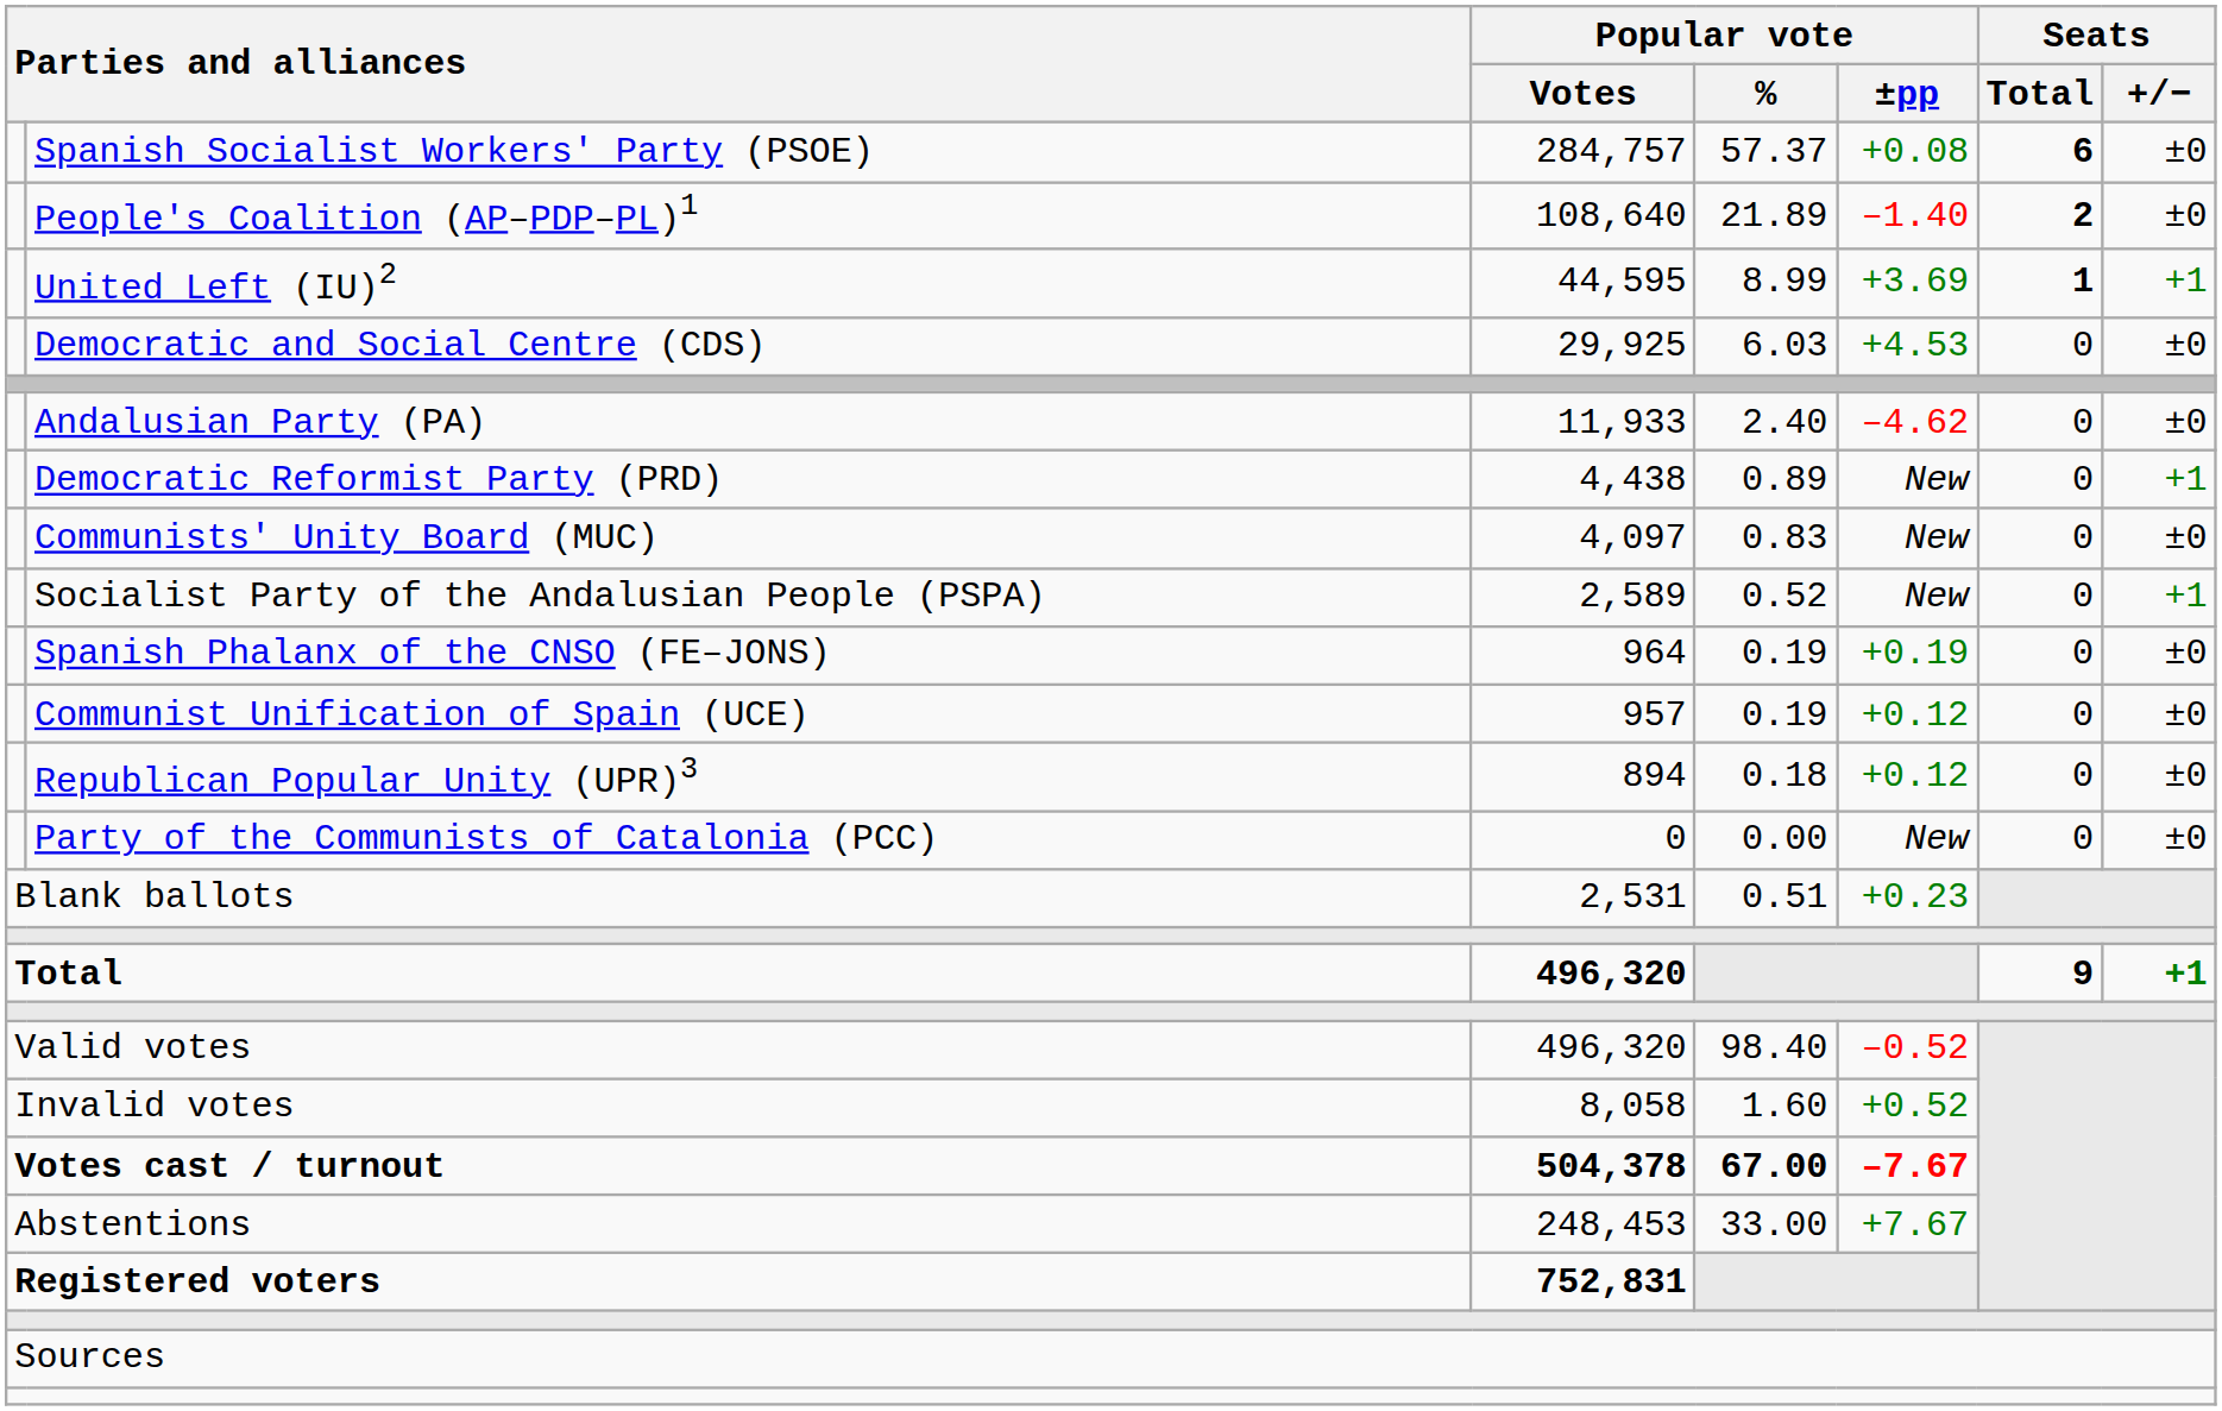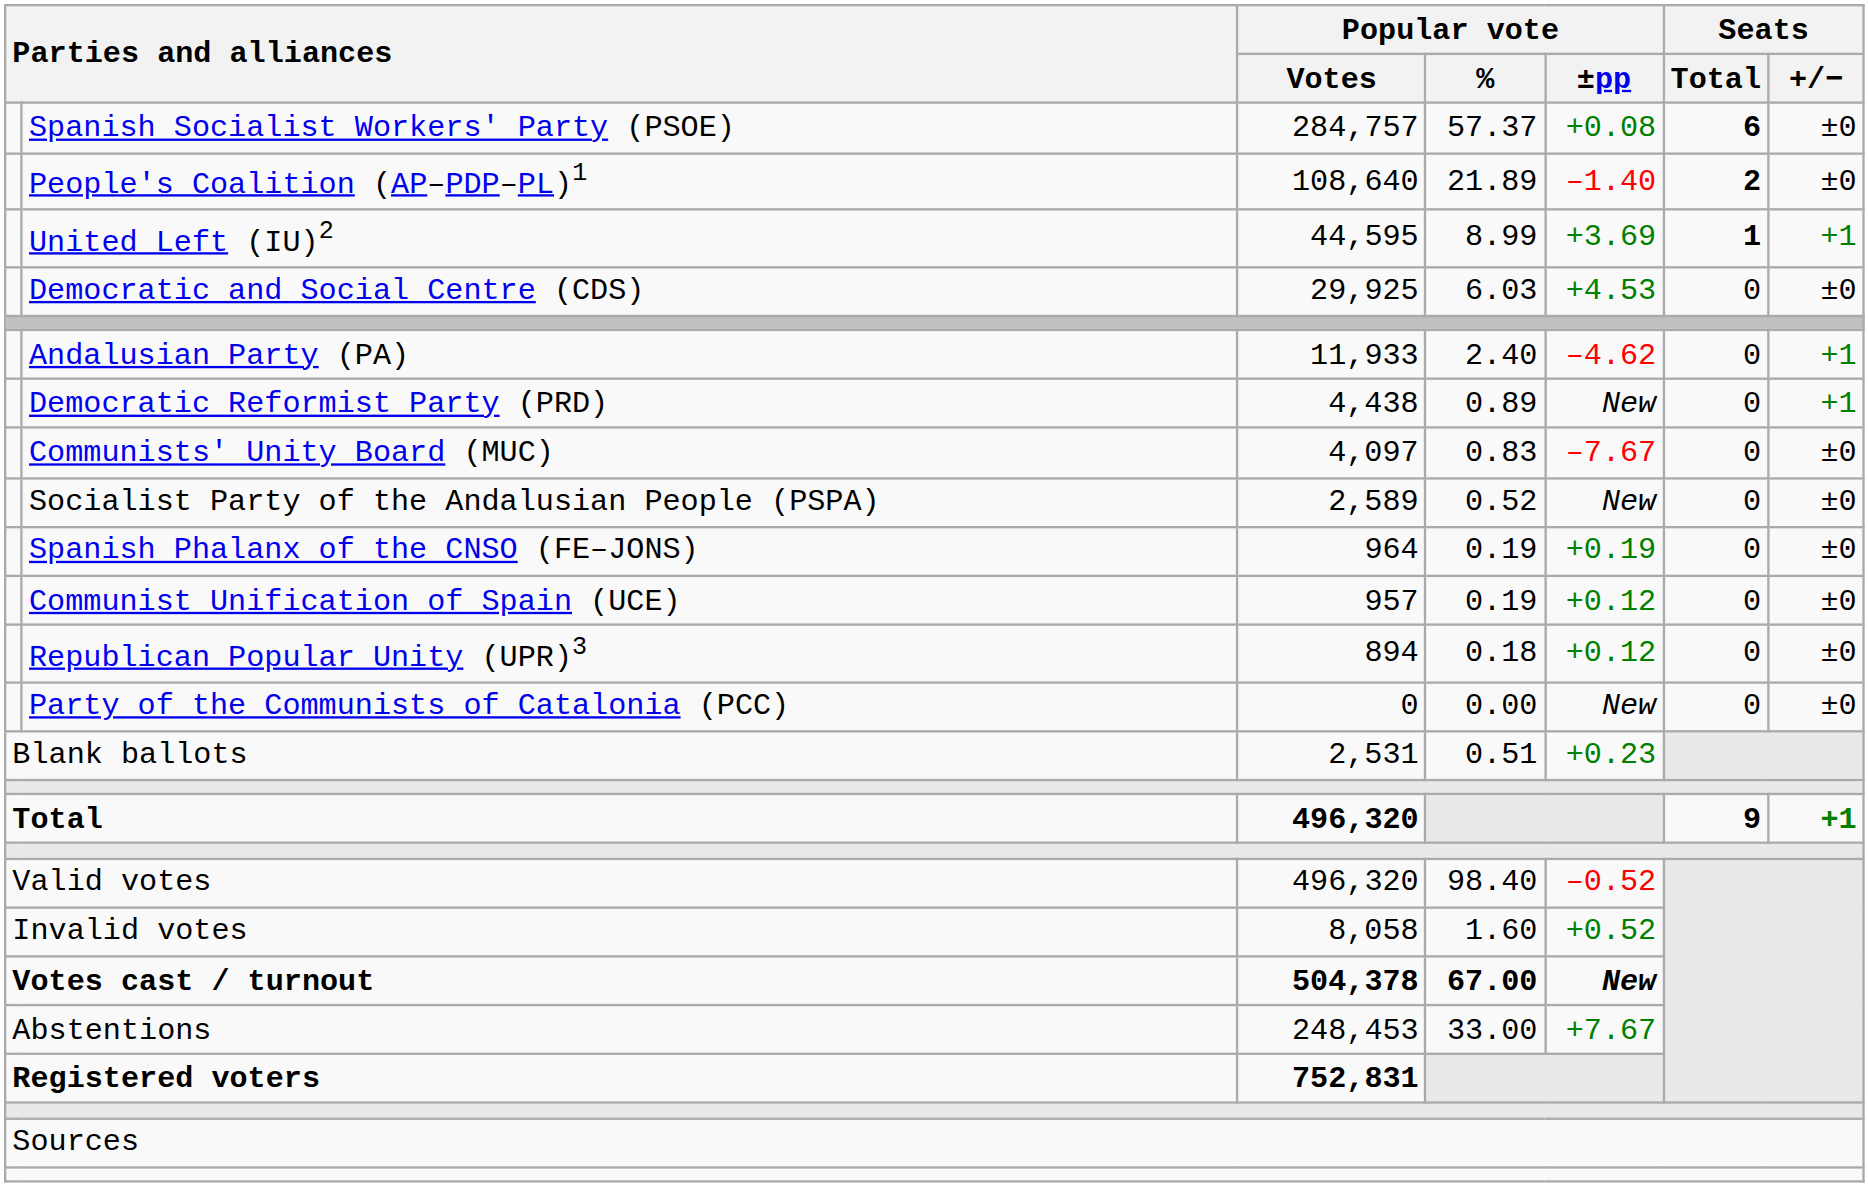 <table class="wikitable" style="text-align:right;">
 <tr>
 <th style="text-align:left;" rowspan="2" colspan="2" width="525">Parties and alliances</th>
 <th colspan="3">Popular vote</th>
 <th colspan="2">Seats</th>
 </tr>
 <tr>
 <th width="75">Votes</th>
 <th width="45">%</th>
 <th width="45">±<a href='#'>pp</a></th>
 <th width="35">Total</th>
 <th width="35">+/−</th>
 </tr>
 <tr>
 <td width="1" style="color:inherit;background:"></td>
 <td align="left"><a href='#'>Spanish Socialist Workers' Party</a> (PSOE)</td>
 <td>284,757</td>
 <td>57.37</td>
 <td style="color:green;">+0.08</td>
 <td><strong>6</strong></td>
 <td>±0</td>
 </tr>
 <tr>
 <td style="color:inherit;background:"></td>
 <td align="left"><a href='#'>People's Coalition</a> (<a href='#'>AP</a>–<a href='#'>PDP</a>–<a href='#'>PL</a>)<sup>1</sup></td>
 <td>108,640</td>
 <td>21.89</td>
 <td style="color:red;">–1.40</td>
 <td><strong>2</strong></td>
 <td>±0</td>
 </tr>
 <tr>
 <td style="color:inherit;background:"></td>
 <td align="left"><a href='#'>United Left</a> (IU)<sup>2</sup></td>
 <td>44,595</td>
 <td>8.99</td>
 <td style="color:green;">+3.69</td>
 <td><strong>1</strong></td>
 <td style="color:green;">+1</td>
 </tr>
 <tr>
 <td style="color:inherit;background:"></td>
 <td align="left"><a href='#'>Democratic and Social Centre</a> (CDS)</td>
 <td>29,925</td>
 <td>6.03</td>
 <td style="color:green;">+4.53</td>
 <td>0</td>
 <td>±0</td>
 </tr>
 <tr>
 <td colspan="7" bgcolor="#C0C0C0"></td>
 </tr>
 <tr>
 <td style="color:inherit;background:"></td>
 <td align="left"><a href='#'>Andalusian Party</a> (PA)</td>
 <td>11,933</td>
 <td>2.40</td>
 <td style="color:red;">–4.62</td>
 <td>0</td>
-<td>±0</td>
+<td style="color:green;">+1</td>
 </tr>
 <tr>
 <td style="color:inherit;background:"></td>
 <td align="left"><a href='#'>Democratic Reformist Party</a> (PRD)</td>
 <td>4,438</td>
 <td>0.89</td>
 <td><em>New</em></td>
 <td>0</td>
 <td style="color:green;">+1</td>
 </tr>
 <tr>
 <td style="color:inherit;background:"></td>
 <td align="left"><a href='#'>Communists' Unity Board</a> (MUC)</td>
 <td>4,097</td>
 <td>0.83</td>
-<td><em>New</em></td>
+<td style="color:red;">–7.67</td>
 <td>0</td>
 <td>±0</td>
 </tr>
 <tr>
 <td style="color:inherit;background:"></td>
 <td align="left">Socialist Party of the Andalusian People (PSPA)</td>
 <td>2,589</td>
 <td>0.52</td>
 <td><em>New</em></td>
 <td>0</td>
-<td style="color:green;">+1</td>
+<td>±0</td>
 </tr>
 <tr>
 <td style="color:inherit;background:"></td>
 <td align="left"><a href='#'>Spanish Phalanx of the CNSO</a> (FE–JONS)</td>
 <td>964</td>
 <td>0.19</td>
 <td style="color:green;">+0.19</td>
 <td>0</td>
 <td>±0</td>
 </tr>
 <tr>
 <td style="color:inherit;background:"></td>
 <td align="left"><a href='#'>Communist Unification of Spain</a> (UCE)</td>
 <td>957</td>
 <td>0.19</td>
 <td style="color:green;">+0.12</td>
 <td>0</td>
 <td>±0</td>
 </tr>
 <tr>
 <td style="color:inherit;background:"></td>
 <td align="left"><a href='#'>Republican Popular Unity</a> (UPR)<sup>3</sup></td>
 <td>894</td>
 <td>0.18</td>
 <td style="color:green;">+0.12</td>
 <td>0</td>
 <td>±0</td>
 </tr>
 <tr>
 <td style="color:inherit;background:"></td>
 <td align="left"><a href='#'>Party of the Communists of Catalonia</a> (PCC)</td>
 <td>0</td>
 <td>0.00</td>
 <td><em>New</em></td>
 <td>0</td>
 <td>±0</td>
 </tr>
 <tr>
 <td align="left" colspan="2">Blank ballots</td>
 <td>2,531</td>
 <td>0.51</td>
 <td style="color:green;">+0.23</td>
 <td bgcolor="#E9E9E9" colspan="2"></td>
 </tr>
 <tr>
 <td colspan="7" bgcolor="#E9E9E9"></td>
 </tr>
 <tr style="font-weight:bold;">
 <td align="left" colspan="2">Total</td>
 <td>496,320</td>
 <td bgcolor="#E9E9E9" colspan="2"></td>
 <td>9</td>
 <td style="color:green;">+1</td>
 </tr>
 <tr>
 <td colspan="7" bgcolor="#E9E9E9"></td>
 </tr>
 <tr>
 <td align="left" colspan="2">Valid votes</td>
 <td>496,320</td>
 <td>98.40</td>
 <td style="color:red;">–0.52</td>
 <td bgcolor="#E9E9E9" colspan="2" rowspan="5"></td>
 </tr>
 <tr>
 <td align="left" colspan="2">Invalid votes</td>
 <td>8,058</td>
 <td>1.60</td>
 <td style="color:green;">+0.52</td>
 </tr>
 <tr style="font-weight:bold;">
 <td align="left" colspan="2">Votes cast / turnout</td>
 <td>504,378</td>
 <td>67.00</td>
-<td style="color:red;">–7.67</td>
+<td><em>New</em></td>
 </tr>
 <tr>
 <td align="left" colspan="2">Abstentions</td>
 <td>248,453</td>
 <td>33.00</td>
 <td style="color:green;">+7.67</td>
 </tr>
 <tr style="font-weight:bold;">
 <td align="left" colspan="2">Registered voters</td>
 <td>752,831</td>
 <td bgcolor="#E9E9E9" colspan="2"></td>
 </tr>
 <tr>
 <td colspan="7" bgcolor="#E9E9E9"></td>
 </tr>
 <tr>
 <td align="left" colspan="7">Sources</td>
 </tr>
 <tr>
 <td colspan="7" style="text-align:left; max-width:790px;"></td>
 </tr>
 </table>
